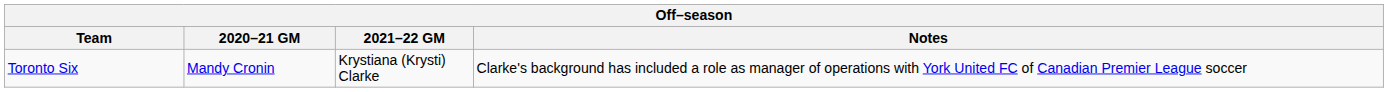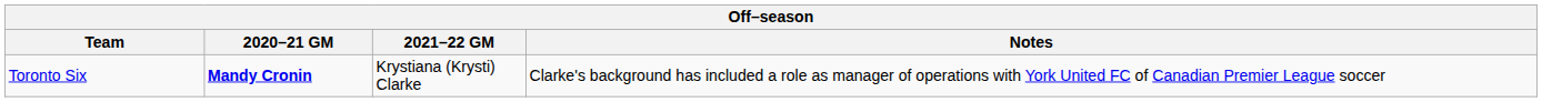 <table class="wikitable">
 <tr>
 <th colspan="4">Off–season</th>
 </tr>
 <tr>
 <th style="width:13%;">Team</th>
 <th style="width:11%;">2020–21 GM</th>
 <th style="width:10%;">2021–22 GM</th>
 <th>Notes</th>
 </tr>
 <tr>
 <td><a href='#'>Toronto Six</a></td>
-<td><a href='#'>Mandy Cronin</a></td>
+<td><strong><a href='#'>Mandy Cronin</a></strong></td>
 <td>Krystiana (Krysti) Clarke</td>
 <td>Clarke's background has included a role as manager of operations with <a href='#'>York United FC</a> of <a href='#'>Canadian Premier League</a> soccer</td>
 </tr>
 </table>
